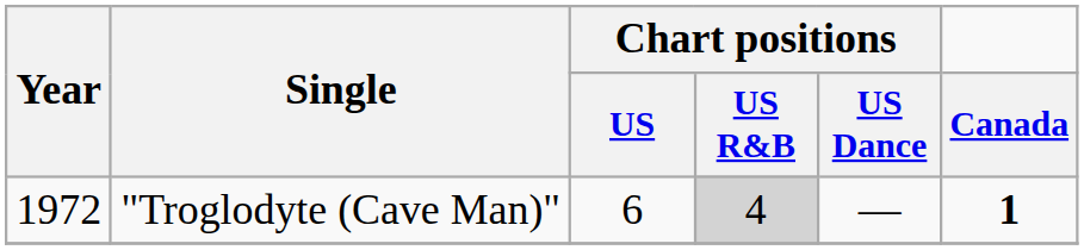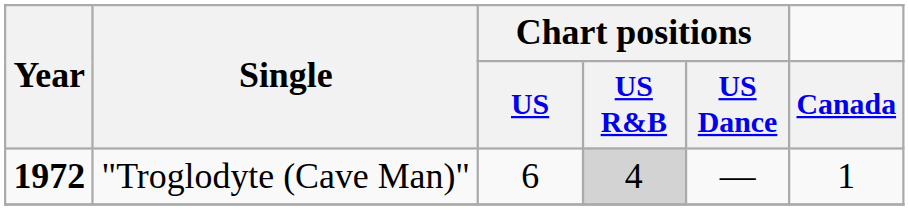 <table class="wikitable" style="text-align:center;">
 <tr>
 <th rowspan="2">Year</th>
 <th rowspan="2">Single</th>
 <th colspan="3">Chart positions</th>
 </tr>
 <tr style="font-size:smaller;">
 <th width="40"><a href='#'>US</a></th>
 <th width="40"><a href='#'>US<br>R&B</a></th>
 <th width="40"><a href='#'>US<br>Dance</a></th>
 <th width="40"><a href='#'>Canada</a></th>
 </tr>
 <tr>
-<td rowspan="1">1972</td>
+<td rowspan="1"><strong>1972</strong></td>
 <td align="left">"Troglodyte (Cave Man)"</td>
 <td>6</td>
 <td style="background: lightgrey;">4</td>
 <td>—</td>
-<td><strong>1</strong></td>
+<td>1</td>
 </tr>
 <tr>
 </tr>
 </table>
